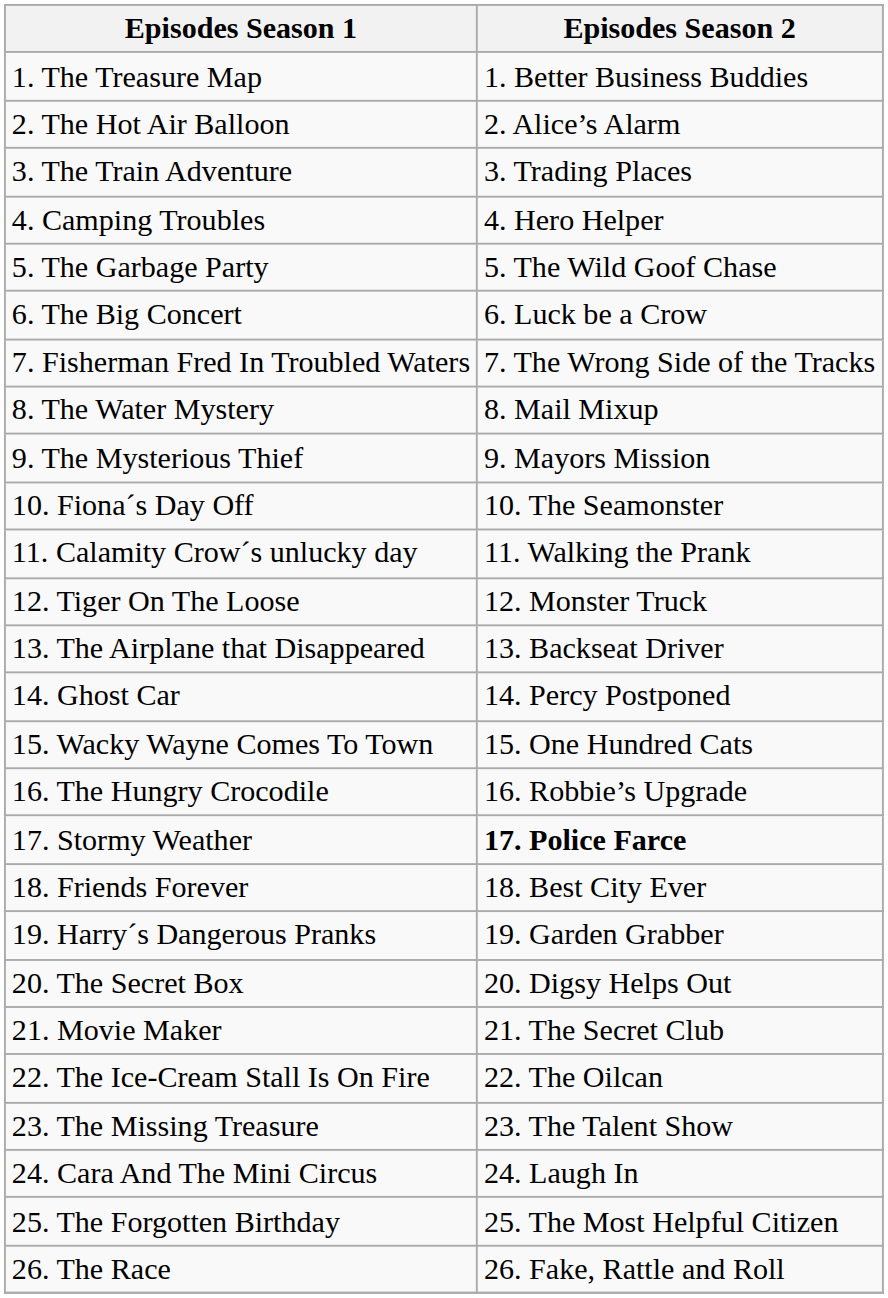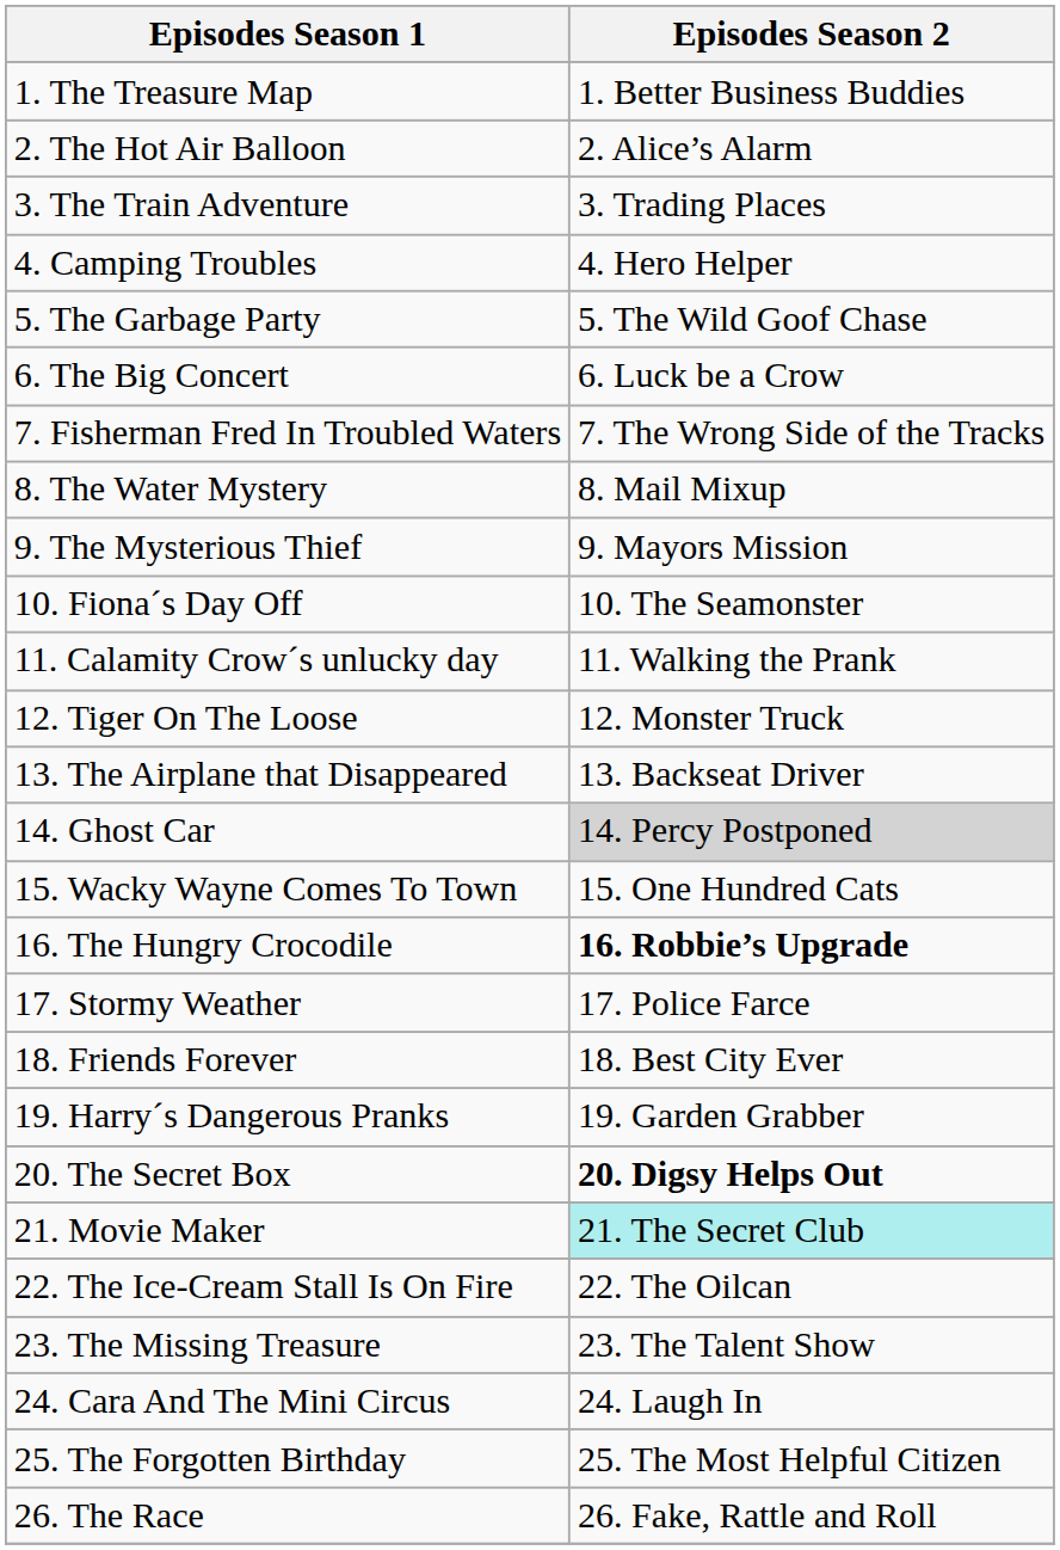 <table class="wikitable">
 <tr>
 <th>Episodes Season 1</th>
 <th>Episodes Season 2 </th>
 </tr>
 <tr>
 <td>1. The Treasure Map</td>
 <td>1. Better Business Buddies</td>
 </tr>
 <tr>
 <td>2. The Hot Air Balloon</td>
 <td>2. Alice’s Alarm</td>
 </tr>
 <tr>
 <td>3. The Train Adventure</td>
 <td>3. Trading Places</td>
 </tr>
 <tr>
 <td>4. Camping Troubles</td>
 <td>4. Hero Helper</td>
 </tr>
 <tr>
 <td>5. The Garbage Party</td>
 <td>5. The Wild Goof Chase</td>
 </tr>
 <tr>
 <td>6. The Big Concert</td>
 <td>6. Luck be a Crow</td>
 </tr>
 <tr>
 <td>7. Fisherman Fred In Troubled Waters</td>
 <td>7. The Wrong Side of the Tracks</td>
 </tr>
 <tr>
 <td>8. The Water Mystery</td>
 <td>8. Mail Mixup</td>
 </tr>
 <tr>
 <td>9. The Mysterious Thief</td>
 <td>9. Mayors Mission</td>
 </tr>
 <tr>
 <td>10. Fiona´s Day Off</td>
 <td>10. The Seamonster</td>
 </tr>
 <tr>
 <td>11. Calamity Crow´s unlucky day</td>
 <td>11. Walking the Prank</td>
 </tr>
 <tr>
 <td>12. Tiger On The Loose</td>
 <td>12. Monster Truck</td>
 </tr>
 <tr>
 <td>13. The Airplane that Disappeared</td>
 <td>13. Backseat Driver</td>
 </tr>
 <tr>
 <td>14. Ghost Car</td>
-<td>14. Percy Postponed</td>
+<td style="background: lightgrey;">14. Percy Postponed</td>
 </tr>
 <tr>
 <td>15. Wacky Wayne Comes To Town</td>
 <td>15. One Hundred Cats</td>
 </tr>
 <tr>
 <td>16. The Hungry Crocodile</td>
-<td>16. Robbie’s Upgrade</td>
+<td><strong>16. Robbie’s Upgrade</strong></td>
 </tr>
 <tr>
 <td>17. Stormy Weather</td>
-<td><strong>17. Police Farce</strong></td>
+<td>17. Police Farce</td>
 </tr>
 <tr>
 <td>18. Friends Forever</td>
 <td>18. Best City Ever</td>
 </tr>
 <tr>
 <td>19. Harry´s Dangerous Pranks</td>
 <td>19. Garden Grabber</td>
 </tr>
 <tr>
 <td>20. The Secret Box</td>
-<td>20. Digsy Helps Out</td>
+<td><strong>20. Digsy Helps Out</strong></td>
 </tr>
 <tr>
 <td>21. Movie Maker</td>
-<td>21. The Secret Club</td>
+<td style="background: paleturquoise;">21. The Secret Club</td>
 </tr>
 <tr>
 <td>22. The Ice-Cream Stall Is On Fire</td>
 <td>22. The Oilcan</td>
 </tr>
 <tr>
 <td>23. The Missing Treasure</td>
 <td>23. The Talent Show</td>
 </tr>
 <tr>
 <td>24. Cara And The Mini Circus</td>
 <td>24. Laugh In</td>
 </tr>
 <tr>
 <td>25. The Forgotten Birthday</td>
 <td>25. The Most Helpful Citizen</td>
 </tr>
 <tr>
 <td>26. The Race</td>
 <td>26. Fake, Rattle and Roll</td>
 </tr>
 <tr>
 </tr>
 </table>
